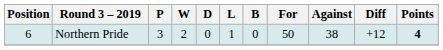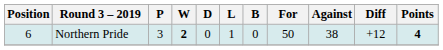 <table class="wikitable" style="text-align:center; font-size:85%;">
 <tr style="background: #d7ebed;">
 <th width="40" abbr="Position">Position</th>
 <th width="100">Round 3 – 2019</th>
 <th width="20" abbr="Played">P</th>
 <th width="20" abbr="Won">W</th>
 <th width="20" abbr="Drawn">D</th>
 <th width="20" abbr="Lost">L</th>
 <th width="20" abbr="Bye">B</th>
 <th width="40" abbr="Points for">For</th>
 <th width="40" abbr="Points against">Against</th>
 <th width="40" abbr="Points difference">Diff</th>
 <th width="40" abbr="Points">Points</th>
 </tr>
 <tr style="background: #d7ebed;">
 <td>6</td>
 <td style="text-align:left;"> Northern Pride</td>
 <td>3</td>
-<td>2</td>
+<td><strong>2</strong></td>
 <td>0</td>
 <td>1</td>
 <td>0</td>
 <td>50</td>
 <td>38</td>
 <td>+12</td>
 <td><strong>4</strong></td>
 </tr>
 <tr>
 </tr>
 </table>
